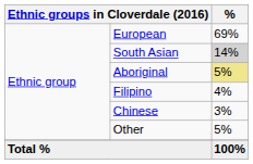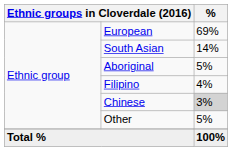 <table class="wikitable">
 <tr>
 <th colspan=2><a href='#'>Ethnic groups</a> in Cloverdale (2016)<br></th>
 <th>%</th>
 </tr>
 <tr>
 <td rowspan=6><a href='#'>Ethnic group</a></td>
 <td><a href='#'>European</a></td>
 <td>69%</td>
 </tr>
 <tr>
 <td><a href='#'>South Asian</a></td>
-<td style="background: lightgrey;">14%</td>
+<td>14%</td>
 </tr>
 <tr>
 <td><a href='#'>Aboriginal</a></td>
-<td style="background: khaki;">5%</td>
+<td>5%</td>
 </tr>
 <tr>
 <td><a href='#'>Filipino</a></td>
 <td>4%</td>
 </tr>
 <tr>
 <td><a href='#'>Chinese</a></td>
-<td>3%</td>
+<td style="background: lightgrey;">3%</td>
 </tr>
 <tr>
 <td>Other</td>
 <td>5%</td>
 </tr>
 <tr>
 </tr>
 <tr style="background:#efefef; font-weight:bold">
 <td colspan=2>Total %</td>
 <td>100%</td>
 </tr>
 </table>
